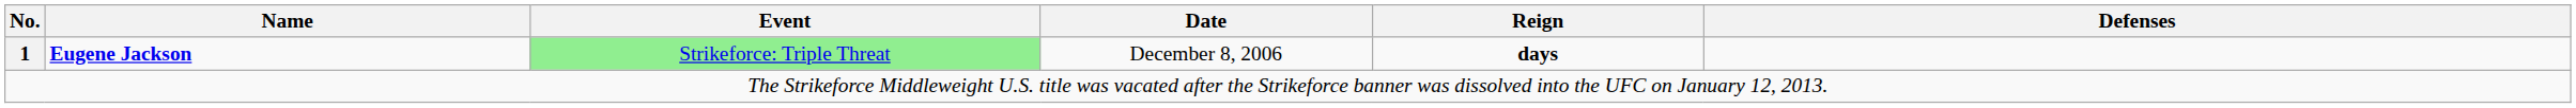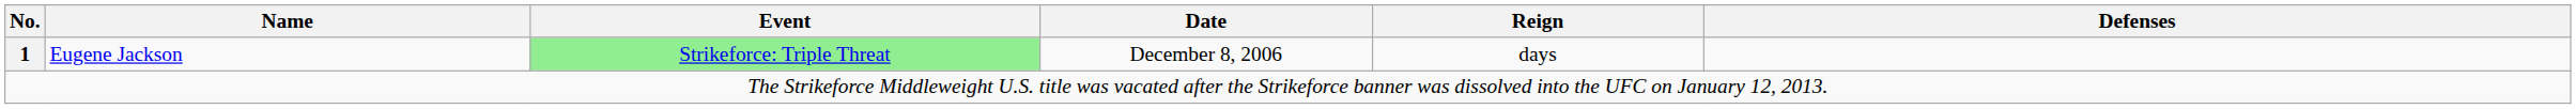 <table class="wikitable" width=100%>
 <tr>
 <th width=1%>No.</th>
 <th width=19%>Name</th>
 <th width=20%>Event</th>
 <th width=13%>Date</th>
 <th width=13%>Reign</th>
 <th width=47%>Defenses</th>
 </tr>
 <tr>
 <th>1</th>
-<td align=left><strong> <a href='#'>Eugene Jackson</a><br></strong></td>
+<td align=left> <a href='#'>Eugene Jackson</a><br></td>
 <td align=center style="background: lightgreen;"><a href='#'>Strikeforce: Triple Threat</a><br></td>
 <td align=center>December 8, 2006</td>
-<td align=center><strong> days</strong></td>
+<td align=center> days</td>
 <td></td>
 </tr>
 <tr>
 <td align="center" colspan="6"><em>The Strikeforce Middleweight U.S. title was vacated after the Strikeforce banner was dissolved into the UFC on January 12, 2013.</em></td>
 </tr>
 </table>
